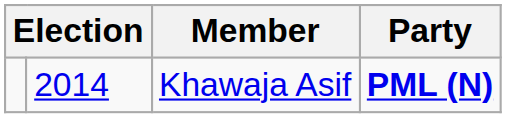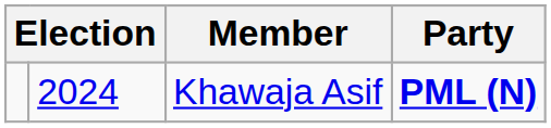 <table class="wikitable">
 <tr>
 <th colspan="2">Election</th>
 <th>Member</th>
 <th>Party</th>
 </tr>
 <tr>
 <td style="background-color: "></td>
-<td><a href='#'>2014</a></td>
+<td><a href='#'>2024</a></td>
 <td><a href='#'>Khawaja Asif</a></td>
 <td><strong><a href='#'>PML (N)</a></strong></td>
 </tr>
 </table>
